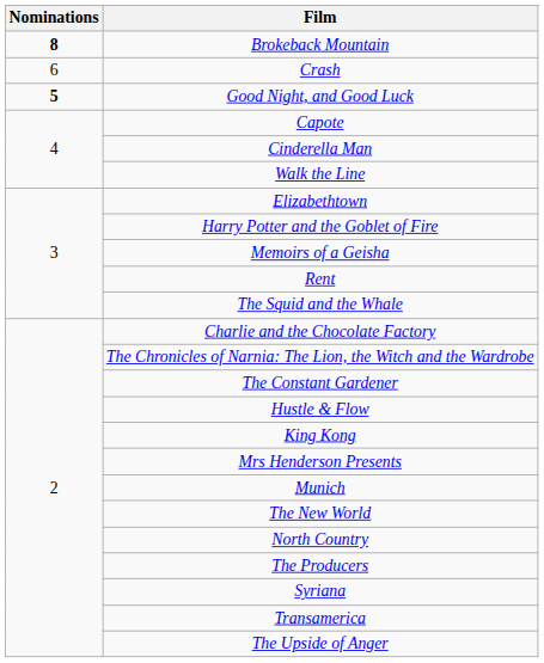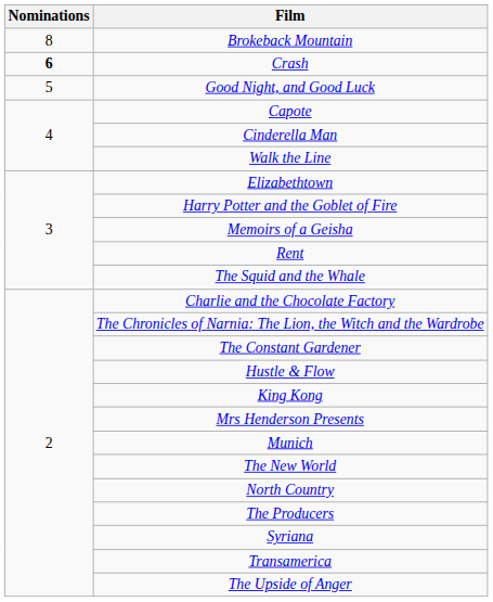 <table class="wikitable" rowspan="2" style="text-align:center;" background: #f6e39c;>
 <tr>
 <th scope="col" style="width:55px;">Nominations</th>
 <th scope="col" style="text-align:center;">Film</th>
 </tr>
 <tr>
-<td><strong>8</strong></td>
+<td>8</td>
 <td><em><a href='#'>Brokeback Mountain</a></em></td>
 </tr>
 <tr>
-<td>6</td>
+<td><strong>6</strong></td>
 <td><em><a href='#'>Crash</a></em></td>
 </tr>
 <tr>
-<td><strong>5</strong></td>
+<td>5</td>
 <td><em><a href='#'>Good Night, and Good Luck</a></em></td>
 </tr>
 <tr>
 <td rowspan="3">4</td>
 <td><em><a href='#'>Capote</a></em></td>
 </tr>
 <tr>
 <td><em><a href='#'>Cinderella Man</a></em></td>
 </tr>
 <tr>
 <td><em><a href='#'>Walk the Line</a></em></td>
 </tr>
 <tr>
 <td rowspan="5">3</td>
 <td><em><a href='#'>Elizabethtown</a></em></td>
 </tr>
 <tr>
 <td><em><a href='#'>Harry Potter and the Goblet of Fire</a></em></td>
 </tr>
 <tr>
 <td><em><a href='#'>Memoirs of a Geisha</a></em></td>
 </tr>
 <tr>
 <td><em><a href='#'>Rent</a></em></td>
 </tr>
 <tr>
 <td><em><a href='#'>The Squid and the Whale</a></em></td>
 </tr>
 <tr>
 <td rowspan="13">2</td>
 <td><em><a href='#'>Charlie and the Chocolate Factory</a></em></td>
 </tr>
 <tr>
 <td><em><a href='#'>The Chronicles of Narnia: The Lion, the Witch and the Wardrobe</a></em></td>
 </tr>
 <tr>
 <td><em><a href='#'>The Constant Gardener</a></em></td>
 </tr>
 <tr>
 <td><em><a href='#'>Hustle & Flow</a></em></td>
 </tr>
 <tr>
 <td><em><a href='#'>King Kong</a></em></td>
 </tr>
 <tr>
 <td><em><a href='#'>Mrs Henderson Presents</a></em></td>
 </tr>
 <tr>
 <td><em><a href='#'>Munich</a></em></td>
 </tr>
 <tr>
 <td><em><a href='#'>The New World</a></em></td>
 </tr>
 <tr>
 <td><em><a href='#'>North Country</a></em></td>
 </tr>
 <tr>
 <td><em><a href='#'>The Producers</a></em></td>
 </tr>
 <tr>
 <td><em><a href='#'>Syriana</a></em></td>
 </tr>
 <tr>
 <td><em><a href='#'>Transamerica</a></em></td>
 </tr>
 <tr>
 <td><em><a href='#'>The Upside of Anger</a></em></td>
 </tr>
 </table>
